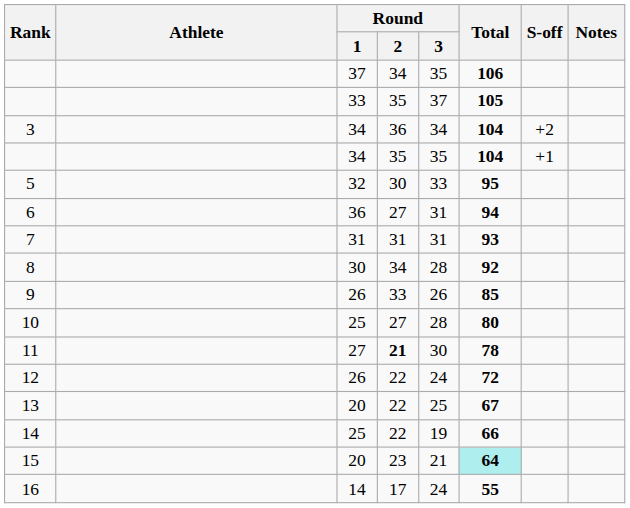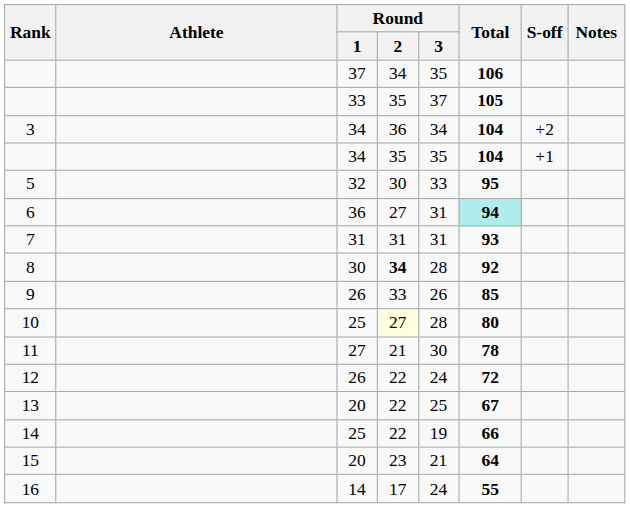 <table class="wikitable" style="text-align:center">
 <tr>
 <th rowspan=2 width=40>Rank</th>
 <th rowspan=2 width=250>Athlete</th>
 <th colspan=3>Round</th>
 <th rowspan=2 width=50>Total</th>
 <th rowspan=2 width=35>S-off</th>
 <th rowspan=2 width=45>Notes</th>
 </tr>
 <tr>
 <th width=30>1</th>
 <th width=30>2</th>
 <th width=30>3</th>
 </tr>
 <tr>
 <td></td>
 <td align=left></td>
 <td>37</td>
 <td>34</td>
 <td>35</td>
 <td><strong>106</strong></td>
 <td></td>
 <td></td>
 </tr>
 <tr>
 <td></td>
 <td align=left></td>
 <td>33</td>
 <td>35</td>
 <td>37</td>
 <td><strong>105</strong></td>
 <td></td>
 <td></td>
 </tr>
 <tr>
 <td>3</td>
 <td align=left></td>
 <td>34</td>
 <td>36</td>
 <td>34</td>
 <td><strong>104</strong></td>
 <td>+2</td>
 <td></td>
 </tr>
 <tr>
 <td></td>
 <td align=left></td>
 <td>34</td>
 <td>35</td>
 <td>35</td>
 <td><strong>104</strong></td>
 <td>+1</td>
 <td></td>
 </tr>
 <tr>
 <td>5</td>
 <td align=left></td>
 <td>32</td>
 <td>30</td>
 <td>33</td>
 <td><strong>95</strong></td>
 <td></td>
 <td></td>
 </tr>
 <tr>
 <td>6</td>
 <td align=left></td>
 <td>36</td>
 <td>27</td>
 <td>31</td>
-<td><strong>94</strong></td>
+<td style="background: paleturquoise;"><strong>94</strong></td>
 <td></td>
 <td></td>
 </tr>
 <tr>
 <td>7</td>
 <td align=left></td>
 <td>31</td>
 <td>31</td>
 <td>31</td>
 <td><strong>93</strong></td>
 <td></td>
 <td></td>
 </tr>
 <tr>
 <td>8</td>
 <td align=left></td>
 <td>30</td>
-<td>34</td>
+<td><strong>34</strong></td>
 <td>28</td>
 <td><strong>92</strong></td>
 <td></td>
 <td></td>
 </tr>
 <tr>
 <td>9</td>
 <td align=left></td>
 <td>26</td>
 <td>33</td>
 <td>26</td>
 <td><strong>85</strong></td>
 <td></td>
 <td></td>
 </tr>
 <tr>
 <td>10</td>
 <td align=left></td>
 <td>25</td>
-<td>27</td>
+<td style="background: lightyellow;">27</td>
 <td>28</td>
 <td><strong>80</strong></td>
 <td></td>
 <td></td>
 </tr>
 <tr>
 <td>11</td>
 <td align=left></td>
 <td>27</td>
-<td><strong>21</strong></td>
+<td>21</td>
 <td>30</td>
 <td><strong>78</strong></td>
 <td></td>
 <td></td>
 </tr>
 <tr>
 <td>12</td>
 <td align=left></td>
 <td>26</td>
 <td>22</td>
 <td>24</td>
 <td><strong>72</strong></td>
 <td></td>
 <td></td>
 </tr>
 <tr>
 <td>13</td>
 <td align=left></td>
 <td>20</td>
 <td>22</td>
 <td>25</td>
 <td><strong>67</strong></td>
 <td></td>
 <td></td>
 </tr>
 <tr>
 <td>14</td>
 <td align=left></td>
 <td>25</td>
 <td>22</td>
 <td>19</td>
 <td><strong>66</strong></td>
 <td></td>
 <td></td>
 </tr>
 <tr>
 <td>15</td>
 <td align=left></td>
 <td>20</td>
 <td>23</td>
 <td>21</td>
-<td style="background: paleturquoise;"><strong>64</strong></td>
+<td><strong>64</strong></td>
 <td></td>
 <td></td>
 </tr>
 <tr>
 <td>16</td>
 <td align=left></td>
 <td>14</td>
 <td>17</td>
 <td>24</td>
 <td><strong>55</strong></td>
 <td></td>
 <td></td>
 </tr>
 </table>
